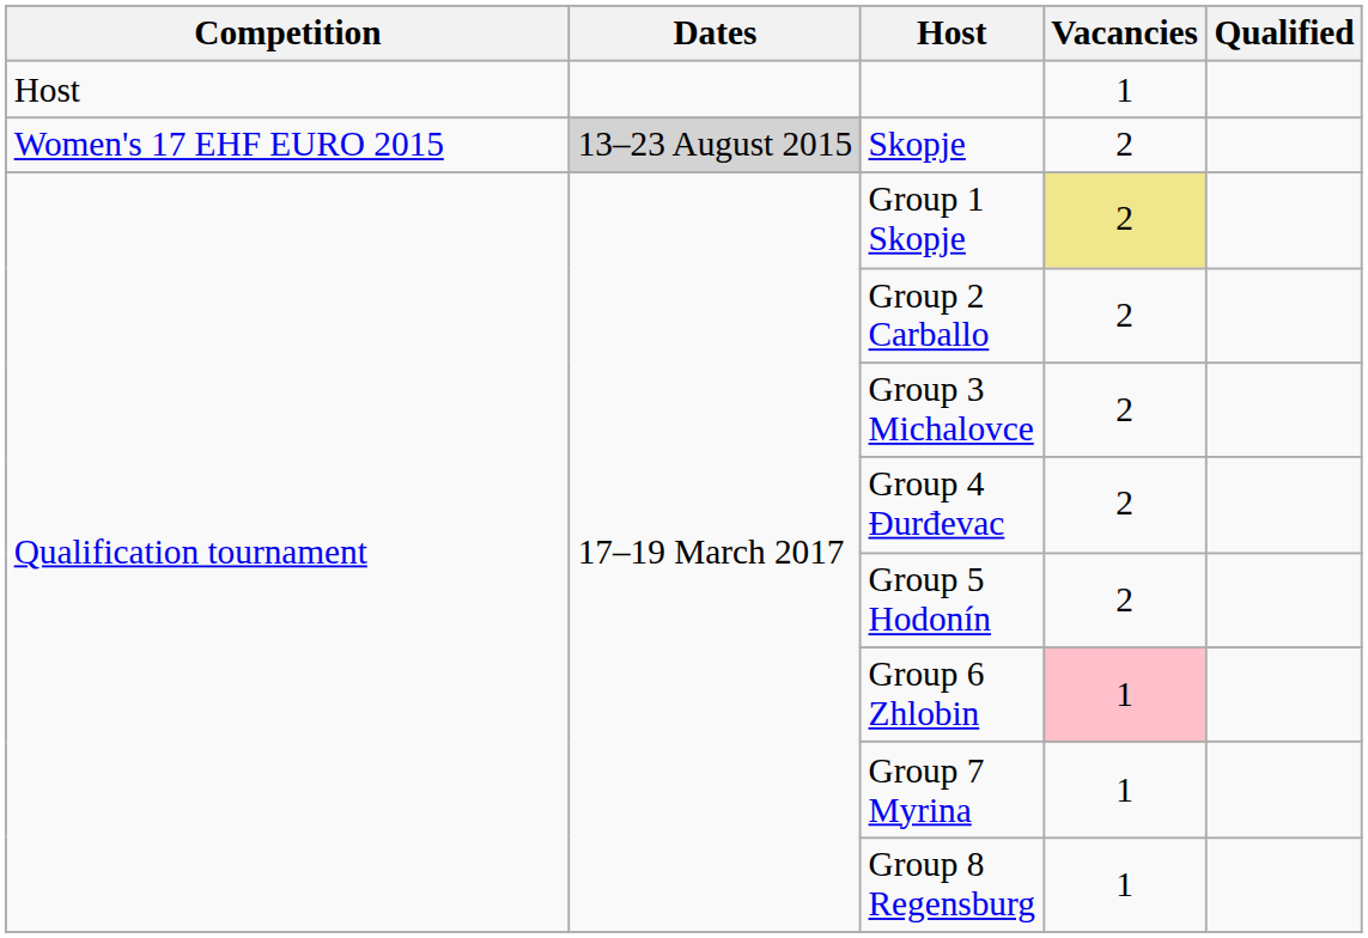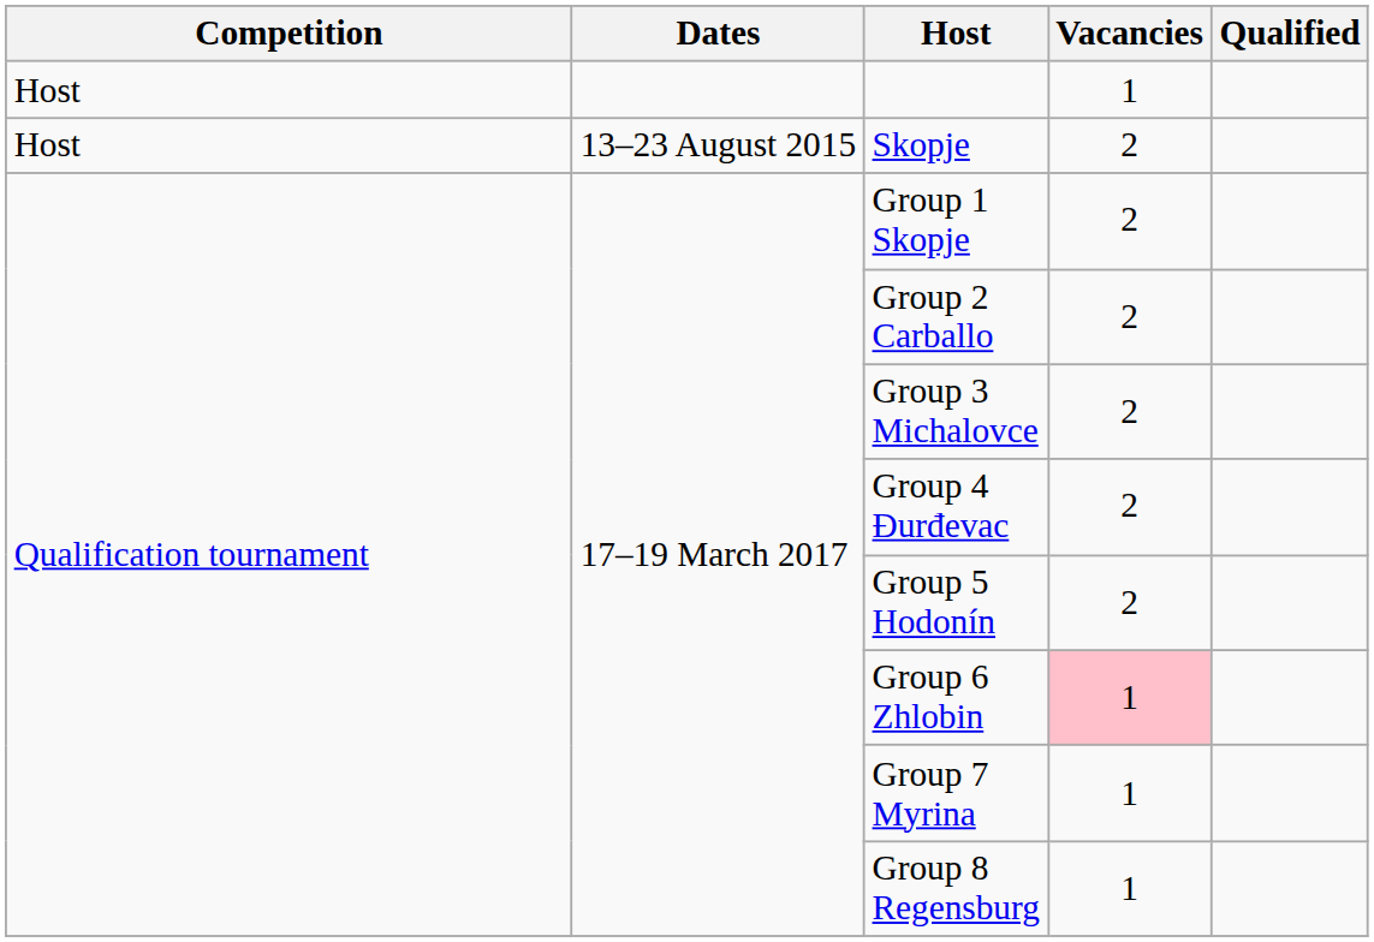 <table class="wikitable">
 <tr>
 <th style="width: 250px;">Competition</th>
 <th>Dates</th>
 <th>Host</th>
 <th>Vacancies</th>
 <th>Qualified</th>
 </tr>
 <tr>
 <td>Host</td>
 <td></td>
 <td></td>
 <td style="text-align: center;">1</td>
 <td></td>
 </tr>
 <tr>
-<td><a href='#'>Women's 17 EHF EURO 2015</a></td>
-<td style="background: lightgrey;">13–23 August 2015</td>
+<td>Host</td>
+<td>13–23 August 2015</td>
 <td> <a href='#'>Skopje</a></td>
 <td style="text-align: center;">2</td>
 <td><br></td>
 </tr>
 <tr>
 <td rowspan=8><a href='#'>Qualification tournament</a></td>
 <td rowspan=8>17–19 March 2017</td>
 <td>Group 1<br> <a href='#'>Skopje</a></td>
-<td style="background: khaki; text-align: center;">2</td>
+<td style="text-align: center;">2</td>
 <td><br></td>
 </tr>
 <tr>
 <td>Group 2<br> <a href='#'>Carballo</a></td>
 <td style="text-align: center;">2</td>
 <td><br></td>
 </tr>
 <tr>
 <td>Group 3<br> <a href='#'>Michalovce</a></td>
 <td style="text-align: center;">2</td>
 <td><br></td>
 </tr>
 <tr>
 <td>Group 4<br> <a href='#'>Đurđevac</a></td>
 <td style="text-align: center;">2</td>
 <td><br></td>
 </tr>
 <tr>
 <td>Group 5<br> <a href='#'>Hodonín</a></td>
 <td style="text-align: center;">2</td>
 <td><br></td>
 </tr>
 <tr>
 <td>Group 6<br> <a href='#'>Zhlobin</a></td>
 <td style="background: pink; text-align: center;">1</td>
 <td></td>
 </tr>
 <tr>
 <td>Group 7<br> <a href='#'>Myrina</a></td>
 <td style="text-align: center;">1</td>
 <td></td>
 </tr>
 <tr>
 <td>Group 8<br> <a href='#'>Regensburg</a></td>
 <td style="text-align: center;">1</td>
 <td></td>
 </tr>
 </table>
